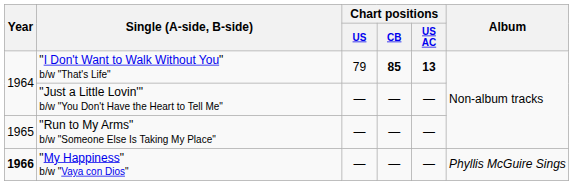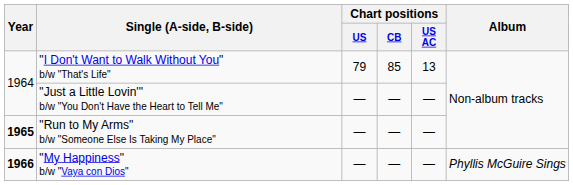 <table class="wikitable" style="text-align:center;">
 <tr>
 <th rowspan="2">Year</th>
 <th style="width:400px;" rowspan="2">Single (A-side, B-side)</th>
 <th colspan="3">Chart positions</th>
 <th rowspan="2">Album</th>
 </tr>
 <tr style="font-size:smaller;">
 <th style="width:40px;"><a href='#'>US</a></th>
 <th style="width:40px;"><a href='#'>CB</a></th>
 <th style="width:40px;"><a href='#'>US<br>AC</a></th>
 </tr>
 <tr>
 <td rowspan="2">1964</td>
 <td style="text-align:left;">"<a href='#'>I Don't Want to Walk Without You</a>"<br><small>b/w "That's Life"</small></td>
 <td>79</td>
-<td><strong>85</strong></td>
-<td><strong>13</strong></td>
+<td>85</td>
+<td>13</td>
 <td align="left" rowspan="3">Non-album tracks</td>
 </tr>
 <tr>
 <td style="text-align:left;">"Just a Little Lovin'"<br><small>b/w "You Don't Have the Heart to Tell Me"</small></td>
 <td>—</td>
 <td>—</td>
 <td>—</td>
 </tr>
 <tr>
-<td>1965</td>
+<td><strong>1965</strong></td>
 <td style="text-align:left;">"Run to My Arms"<br><small>b/w "Someone Else Is Taking My Place"</small></td>
 <td>—</td>
 <td>—</td>
 <td>—</td>
 </tr>
 <tr>
 <td><strong>1966</strong></td>
 <td style="text-align:left;">"<a href='#'>My Happiness</a>"<br><small>b/w "<a href='#'>Vaya con Dios</a>"</small></td>
 <td>—</td>
 <td>—</td>
 <td>—</td>
 <td align="left"><em>Phyllis McGuire Sings</em></td>
 </tr>
 </table>
